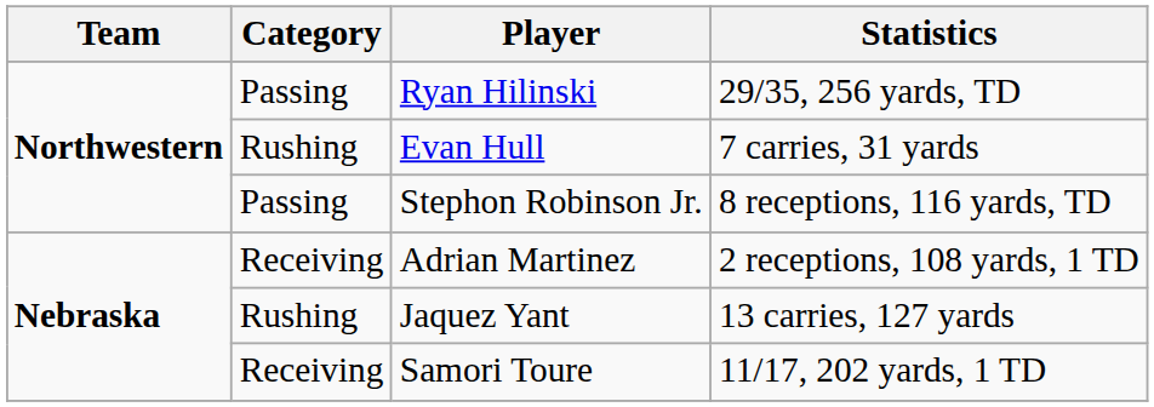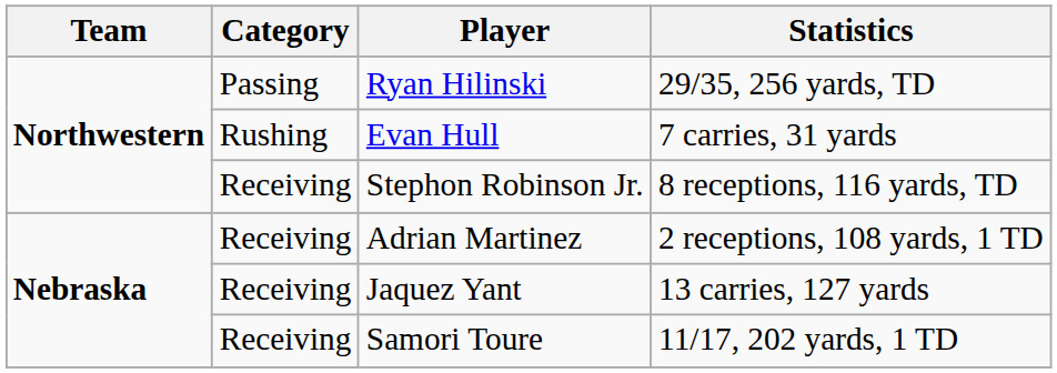 <table class="wikitable" style="float: right;">
 <tr>
 <th>Team</th>
 <th>Category</th>
 <th>Player</th>
 <th>Statistics</th>
 </tr>
 <tr>
 <td rowspan=3><strong>Northwestern</strong></td>
 <td>Passing</td>
 <td><a href='#'>Ryan Hilinski</a></td>
 <td>29/35, 256 yards, TD</td>
 </tr>
 <tr>
 <td>Rushing</td>
 <td><a href='#'>Evan Hull</a></td>
 <td>7 carries, 31 yards</td>
 </tr>
 <tr>
-<td>Passing</td>
+<td>Receiving</td>
 <td>Stephon Robinson Jr.</td>
 <td>8 receptions, 116 yards, TD</td>
 </tr>
 <tr>
 <td rowspan=3><strong>Nebraska</strong></td>
 <td>Receiving</td>
 <td>Adrian Martinez</td>
 <td>2 receptions, 108 yards, 1 TD</td>
 </tr>
 <tr>
-<td>Rushing</td>
+<td>Receiving</td>
 <td>Jaquez Yant</td>
 <td>13 carries, 127 yards</td>
 </tr>
 <tr>
 <td>Receiving</td>
 <td>Samori Toure</td>
 <td>11/17, 202 yards, 1 TD</td>
 </tr>
 </table>
